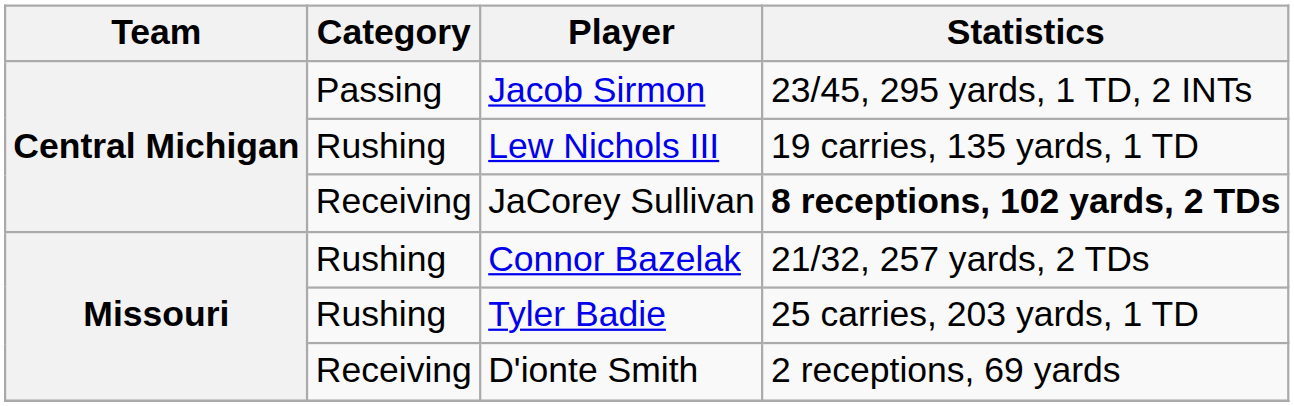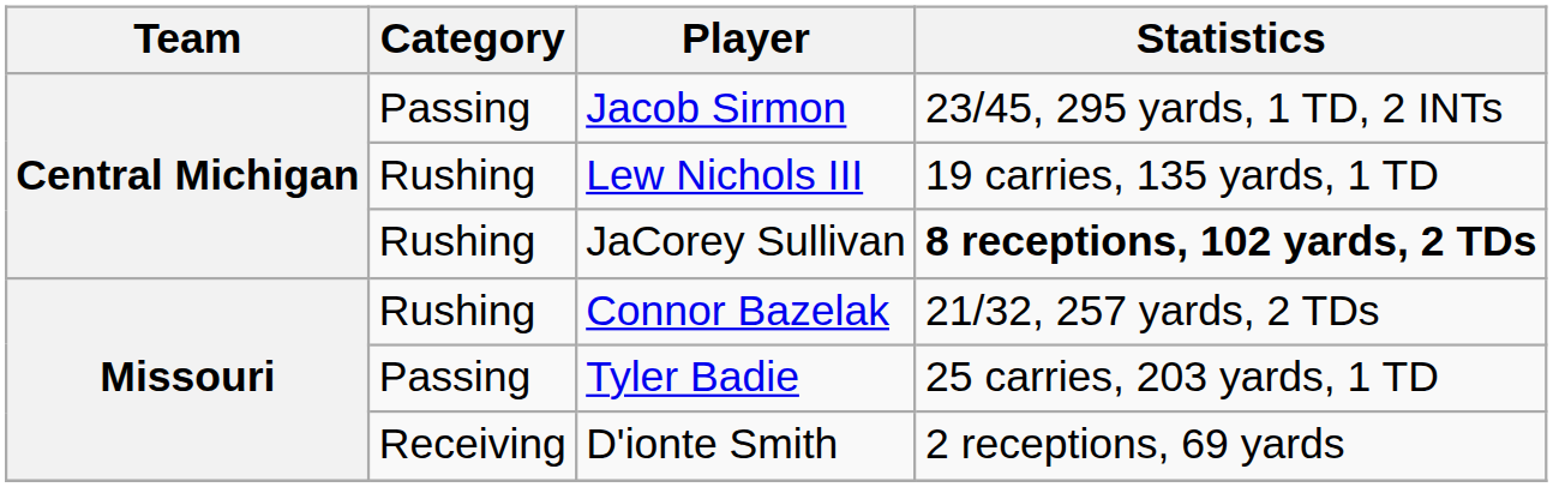 <table class="wikitable" style="float: left;">
 <tr>
 <th>Team</th>
 <th>Category</th>
 <th>Player</th>
 <th>Statistics</th>
 </tr>
 <tr>
 <th rowspan=3>Central Michigan</th>
 <td>Passing</td>
 <td><a href='#'>Jacob Sirmon</a></td>
 <td>23/45, 295 yards, 1 TD, 2 INTs</td>
 </tr>
 <tr>
 <td>Rushing</td>
 <td><a href='#'>Lew Nichols III</a></td>
 <td>19 carries, 135 yards, 1 TD</td>
 </tr>
 <tr>
-<td>Receiving</td>
+<td>Rushing</td>
 <td>JaCorey Sullivan</td>
 <td><strong>8 receptions, 102 yards, 2 TDs</strong></td>
 </tr>
 <tr>
 <th rowspan=3 style=>Missouri</th>
 <td>Rushing</td>
 <td><a href='#'>Connor Bazelak</a></td>
 <td>21/32, 257 yards, 2 TDs</td>
 </tr>
 <tr>
-<td>Rushing</td>
+<td>Passing</td>
 <td><a href='#'>Tyler Badie</a></td>
 <td>25 carries, 203 yards, 1 TD</td>
 </tr>
 <tr>
 <td>Receiving</td>
 <td>D'ionte Smith</td>
 <td>2 receptions, 69 yards</td>
 </tr>
 <tr>
 </tr>
 </table>
